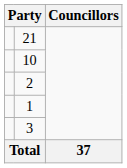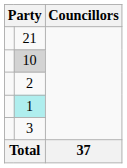 <table class="wikitable">
 <tr>
 <th colspan=2>Party</th>
 <th>Councillors</th>
 </tr>
 <tr>
 <td></td>
 <td align=center>21</td>
 </tr>
 <tr>
 <td></td>
-<td align=center>10</td>
+<td align=center style="background: lightgrey;">10</td>
 </tr>
 <tr>
 <td></td>
 <td align=center>2</td>
 </tr>
 <tr>
 <td></td>
-<td align=center>1</td>
+<td align=center style="background: paleturquoise;">1</td>
 </tr>
 <tr>
 <td></td>
 <td align=center>3</td>
 </tr>
 <tr>
 <th colspan=2>Total</th>
 <th align=center>37</th>
 </tr>
 </table>
